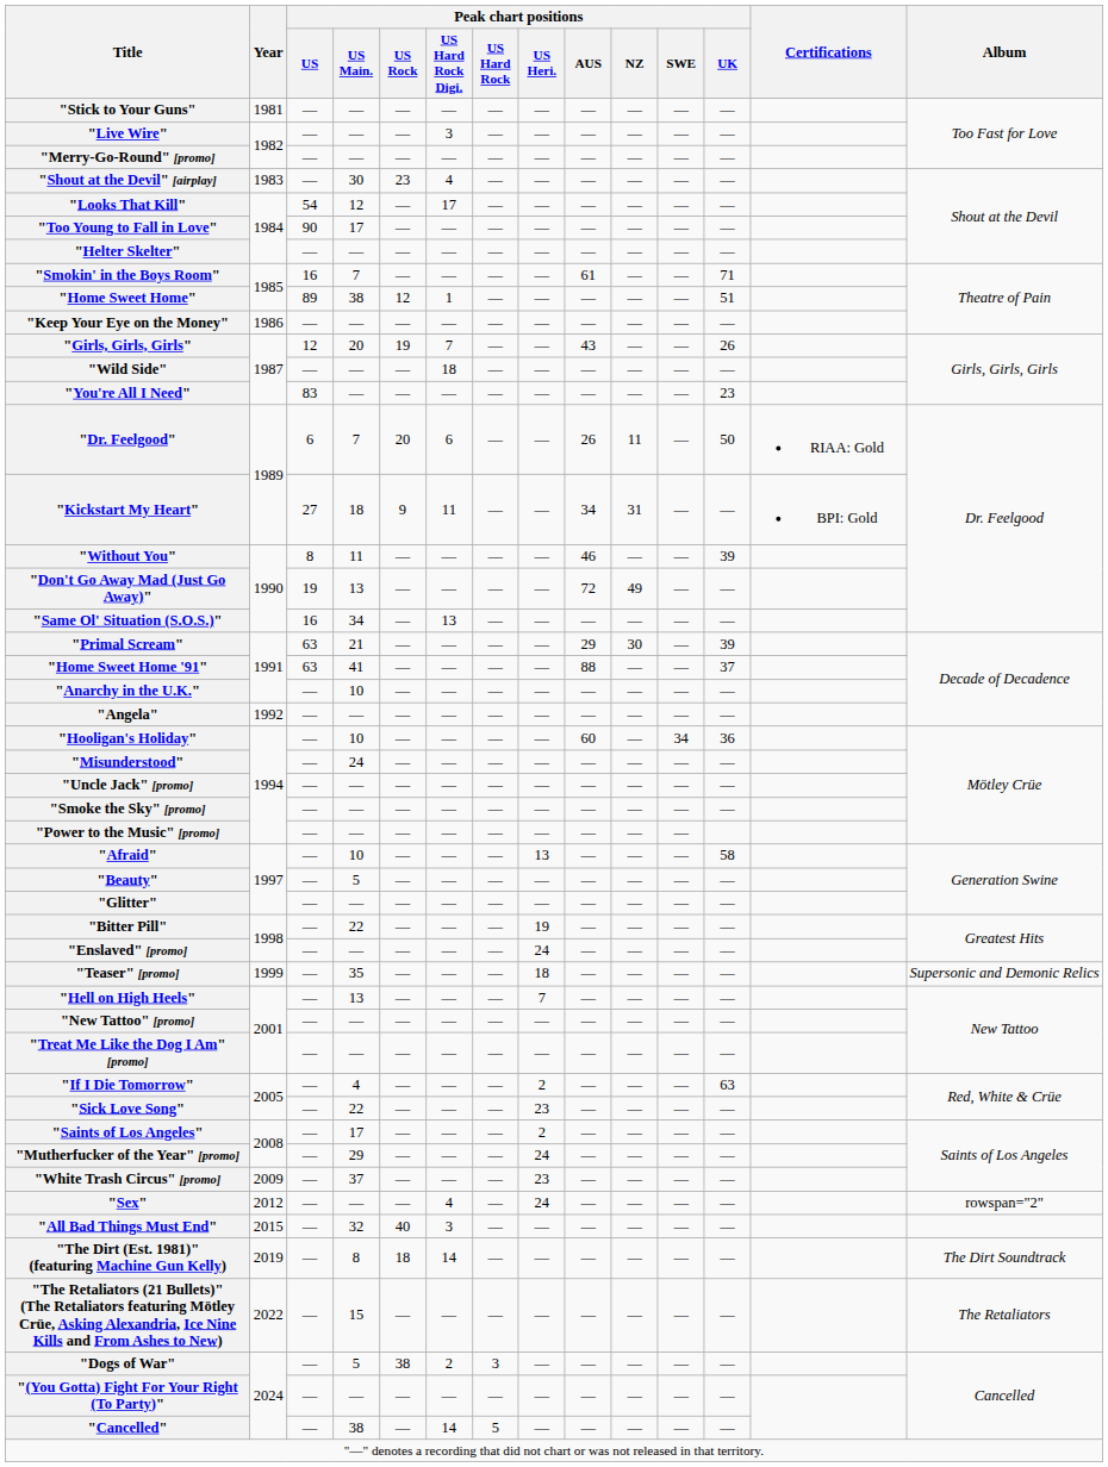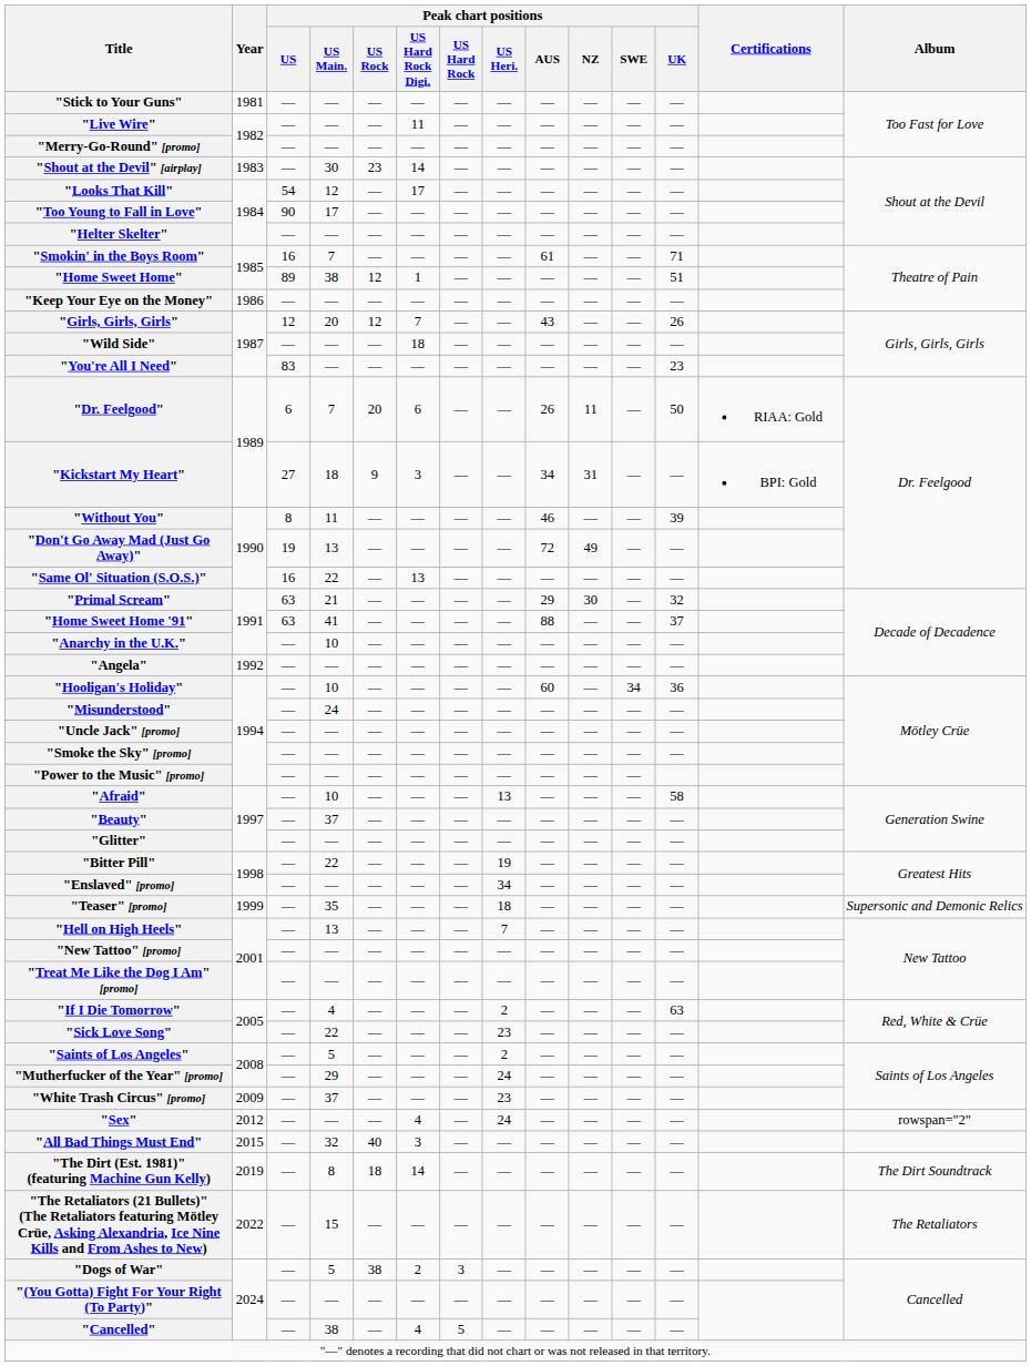 <table class="wikitable plainrowheaders" style="text-align:center;">
 <tr>
 <th scope="col" rowspan="2" style="width:16em;">Title</th>
 <th scope="col" rowspan="2">Year</th>
 <th scope="col" colspan="10">Peak chart positions</th>
 <th scope="col" rowspan="2" style="width:10em;"><a href='#'>Certifications</a></th>
 <th scope="col" rowspan="2">Album</th>
 </tr>
 <tr>
 <th scope="col" style="width:3em;font-size:90%;"><a href='#'>US</a><br></th>
 <th scope="col" style="width:3em;font-size:90%;"><a href='#'>US Main.</a><br></th>
 <th scope="col" style="width:3em;font-size:90%;"><a href='#'>US Rock</a><br></th>
 <th scope="col" style="width:3em;font-size:90%;"><a href='#'>US Hard Rock Digi.</a></th>
 <th scope="col" style="width:3em;font-size:90%;"><a href='#'>US Hard Rock</a></th>
 <th scope="col" style="width:3em;font-size:90%;"><a href='#'>US Heri.</a></th>
 <th scope="col" style="width:3em;font-size:90%;">AUS<br></th>
 <th scope="col" style="width:3em;font-size:90%;">NZ<br></th>
 <th scope="col" style="width:3em;font-size:90%;">SWE<br></th>
 <th scope="col" style="width:3em;font-size:90%;"><a href='#'>UK</a><br></th>
 </tr>
 <tr>
 <th scope="row">"Stick to Your Guns"</th>
 <td>1981</td>
 <td>—</td>
 <td>—</td>
 <td>—</td>
 <td>—</td>
 <td>—</td>
 <td>—</td>
 <td>—</td>
 <td>—</td>
 <td>—</td>
 <td>—</td>
 <td></td>
 <td rowspan="3"><em>Too Fast for Love</em></td>
 </tr>
 <tr>
 <th scope="row">"<a href='#'>Live Wire</a>"</th>
 <td rowspan="2">1982</td>
 <td>—</td>
 <td>—</td>
 <td>—</td>
-<td>3</td>
+<td>11</td>
 <td>—</td>
 <td>—</td>
 <td>—</td>
 <td>—</td>
 <td>—</td>
 <td>—</td>
 <td></td>
 </tr>
 <tr>
 <th scope="row">"Merry-Go-Round" <small><em>[promo]</em></small></th>
 <td>—</td>
 <td>—</td>
 <td>—</td>
 <td>—</td>
 <td>—</td>
 <td>—</td>
 <td>—</td>
 <td>—</td>
 <td>—</td>
 <td>—</td>
 <td></td>
 </tr>
 <tr>
 <th scope="row">"<a href='#'>Shout at the Devil</a>"  <small><em>[airplay]</em></small></th>
 <td>1983</td>
 <td>—</td>
 <td>30</td>
 <td>23</td>
-<td>4</td>
+<td>14</td>
 <td>—</td>
 <td>—</td>
 <td>—</td>
 <td>—</td>
 <td>—</td>
 <td>—</td>
 <td></td>
 <td rowspan="4"><em>Shout at the Devil</em></td>
 </tr>
 <tr>
 <th scope="row">"<a href='#'>Looks That Kill</a>"</th>
 <td rowspan="3">1984</td>
 <td>54</td>
 <td>12</td>
 <td>—</td>
 <td>17</td>
 <td>—</td>
 <td>—</td>
 <td>—</td>
 <td>—</td>
 <td>—</td>
 <td>—</td>
 <td></td>
 </tr>
 <tr>
 <th scope="row">"<a href='#'>Too Young to Fall in Love</a>"</th>
 <td>90</td>
 <td>17</td>
 <td>—</td>
 <td>—</td>
 <td>—</td>
 <td>—</td>
 <td>—</td>
 <td>—</td>
 <td>—</td>
 <td>—</td>
 <td></td>
 </tr>
 <tr>
 <th scope="row">"<a href='#'>Helter Skelter</a>"</th>
 <td>—</td>
 <td>—</td>
 <td>—</td>
 <td>—</td>
 <td>—</td>
 <td>—</td>
 <td>—</td>
 <td>—</td>
 <td>—</td>
 <td>—</td>
 <td></td>
 </tr>
 <tr>
 <th scope="row">"<a href='#'>Smokin' in the Boys Room</a>"</th>
 <td rowspan="2">1985</td>
 <td>16</td>
 <td>7</td>
 <td>—</td>
 <td>—</td>
 <td>—</td>
 <td>—</td>
 <td>61</td>
 <td>—</td>
 <td>—</td>
 <td>71</td>
 <td></td>
 <td rowspan="3"><em>Theatre of Pain</em></td>
 </tr>
 <tr>
 <th scope="row">"<a href='#'>Home Sweet Home</a>"</th>
 <td>89</td>
 <td>38</td>
 <td>12</td>
 <td>1</td>
 <td>—</td>
 <td>—</td>
 <td>—</td>
 <td>—</td>
 <td>—</td>
 <td>51</td>
 <td></td>
 </tr>
 <tr>
 <th scope="row">"Keep Your Eye on the Money"</th>
 <td>1986</td>
 <td>—</td>
 <td>—</td>
 <td>—</td>
 <td>—</td>
 <td>—</td>
 <td>—</td>
 <td>—</td>
 <td>—</td>
 <td>—</td>
 <td>—</td>
 <td></td>
 </tr>
 <tr>
 <th scope="row">"<a href='#'>Girls, Girls, Girls</a>"</th>
 <td rowspan="3">1987</td>
 <td>12</td>
 <td>20</td>
-<td>19</td>
+<td>12</td>
 <td>7</td>
 <td>—</td>
 <td>—</td>
 <td>43</td>
 <td>—</td>
 <td>—</td>
 <td>26</td>
 <td></td>
 <td rowspan="3"><em>Girls, Girls, Girls</em></td>
 </tr>
 <tr>
 <th scope="row">"Wild Side"</th>
 <td>—</td>
 <td>—</td>
 <td>—</td>
 <td>18</td>
 <td>—</td>
 <td>—</td>
 <td>—</td>
 <td>—</td>
 <td>—</td>
 <td>—</td>
 <td></td>
 </tr>
 <tr>
 <th scope="row">"<a href='#'>You're All I Need</a>"</th>
 <td>83</td>
 <td>—</td>
 <td>—</td>
 <td>—</td>
 <td>—</td>
 <td>—</td>
 <td>—</td>
 <td>—</td>
 <td>—</td>
 <td>23</td>
 <td></td>
 </tr>
 <tr>
 <th scope="row">"<a href='#'>Dr. Feelgood</a>"</th>
 <td rowspan="2">1989</td>
 <td>6</td>
 <td>7</td>
 <td>20</td>
 <td>6</td>
 <td>—</td>
 <td>—</td>
 <td>26</td>
 <td>11</td>
 <td>—</td>
 <td>50</td>
 <td><br><ul><li>RIAA: Gold</li></ul></td>
 <td rowspan="5"><em>Dr. Feelgood</em></td>
 </tr>
 <tr>
 <th scope="row">"<a href='#'>Kickstart My Heart</a>"</th>
 <td>27</td>
 <td>18</td>
 <td>9</td>
-<td>11</td>
+<td>3</td>
 <td>—</td>
 <td>—</td>
 <td>34</td>
 <td>31</td>
 <td>—</td>
 <td>—</td>
 <td><br><ul><li>BPI: Gold</li></ul></td>
 </tr>
 <tr>
 <th scope="row">"<a href='#'>Without You</a>"</th>
 <td rowspan="3">1990</td>
 <td>8</td>
 <td>11</td>
 <td>—</td>
 <td>—</td>
 <td>—</td>
 <td>—</td>
 <td>46</td>
 <td>—</td>
 <td>—</td>
 <td>39</td>
 <td></td>
 </tr>
 <tr>
 <th scope="row">"<a href='#'>Don't Go Away Mad (Just Go Away)</a>"</th>
 <td>19</td>
 <td>13</td>
 <td>—</td>
 <td>—</td>
 <td>—</td>
 <td>—</td>
 <td>72</td>
 <td>49</td>
 <td>—</td>
 <td>—</td>
 <td></td>
 </tr>
 <tr>
 <th scope="row">"<a href='#'>Same Ol' Situation (S.O.S.)</a>"</th>
 <td>16</td>
-<td>34</td>
+<td>22</td>
 <td>—</td>
 <td>13</td>
 <td>—</td>
 <td>—</td>
 <td>—</td>
 <td>—</td>
 <td>—</td>
 <td>—</td>
 <td></td>
 </tr>
 <tr>
 <th scope="row">"<a href='#'>Primal Scream</a>"</th>
 <td rowspan="3">1991</td>
 <td>63</td>
 <td>21</td>
 <td>—</td>
 <td>—</td>
 <td>—</td>
 <td>—</td>
 <td>29</td>
 <td>30</td>
 <td>—</td>
-<td>39</td>
+<td>32</td>
 <td></td>
 <td rowspan="4"><em>Decade of Decadence</em></td>
 </tr>
 <tr>
 <th scope="row">"<a href='#'>Home Sweet Home '91</a>"</th>
 <td>63</td>
 <td>41</td>
 <td>—</td>
 <td>—</td>
 <td>—</td>
 <td>—</td>
 <td>88</td>
 <td>—</td>
 <td>—</td>
 <td>37</td>
 <td></td>
 </tr>
 <tr>
 <th scope="row">"<a href='#'>Anarchy in the U.K.</a>"</th>
 <td>—</td>
 <td>10</td>
 <td>—</td>
 <td>—</td>
 <td>—</td>
 <td>—</td>
 <td>—</td>
 <td>—</td>
 <td>—</td>
 <td>—</td>
 <td></td>
 </tr>
 <tr>
 <th scope="row">"Angela"</th>
 <td>1992</td>
 <td>—</td>
 <td>—</td>
 <td>—</td>
 <td>—</td>
 <td>—</td>
 <td>—</td>
 <td>—</td>
 <td>—</td>
 <td>—</td>
 <td>—</td>
 <td></td>
 </tr>
 <tr>
 <th scope="row">"<a href='#'>Hooligan's Holiday</a>"</th>
 <td rowspan="5">1994</td>
 <td>—</td>
 <td>10</td>
 <td>—</td>
 <td>—</td>
 <td>—</td>
 <td>—</td>
 <td>60</td>
 <td>—</td>
 <td>34</td>
 <td>36</td>
 <td></td>
 <td rowspan="5"><em>Mötley Crüe</em></td>
 </tr>
 <tr>
 <th scope="row">"<a href='#'>Misunderstood</a>"</th>
 <td>—</td>
 <td>24</td>
 <td>—</td>
 <td>—</td>
 <td>—</td>
 <td>—</td>
 <td>—</td>
 <td>—</td>
 <td>—</td>
 <td>—</td>
 <td></td>
 </tr>
 <tr>
 <th scope="row">"Uncle Jack" <small><em>[promo]</em></small></th>
 <td>—</td>
 <td>—</td>
 <td>—</td>
 <td>—</td>
 <td>—</td>
 <td>—</td>
 <td>—</td>
 <td>—</td>
 <td>—</td>
 <td>—</td>
 <td></td>
 </tr>
 <tr>
 <th scope="row">"Smoke the Sky" <small><em>[promo]</em></small></th>
 <td>—</td>
 <td>—</td>
 <td>—</td>
 <td>—</td>
 <td>—</td>
 <td>—</td>
 <td>—</td>
 <td>—</td>
 <td>—</td>
 <td>—</td>
 <td></td>
 </tr>
 <tr>
 <th scope="row">"Power to the Music" <small><em>[promo]</em></small></th>
 <td>—</td>
 <td>—</td>
 <td>—</td>
 <td>—</td>
 <td>—</td>
 <td>—</td>
 <td>—</td>
 <td>—</td>
 <td>—</td>
 <td></td>
 </tr>
 <tr>
 <th scope="row">"<a href='#'>Afraid</a>"</th>
 <td rowspan="3">1997</td>
 <td>—</td>
 <td>10</td>
 <td>—</td>
 <td>—</td>
 <td>—</td>
 <td>13</td>
 <td>—</td>
 <td>—</td>
 <td>—</td>
 <td>58</td>
 <td></td>
 <td rowspan="3"><em>Generation Swine</em></td>
 </tr>
 <tr>
 <th scope="row">"<a href='#'>Beauty</a>"</th>
 <td>—</td>
-<td>5</td>
+<td>37</td>
 <td>—</td>
 <td>—</td>
 <td>—</td>
 <td>—</td>
 <td>—</td>
 <td>—</td>
 <td>—</td>
 <td>—</td>
 <td></td>
 </tr>
 <tr>
 <th scope="row">"Glitter"</th>
 <td>—</td>
 <td>—</td>
 <td>—</td>
 <td>—</td>
 <td>—</td>
 <td>—</td>
 <td>—</td>
 <td>—</td>
 <td>—</td>
 <td>—</td>
 <td></td>
 </tr>
 <tr>
 <th scope="row">"Bitter Pill"</th>
 <td rowspan="2">1998</td>
 <td>—</td>
 <td>22</td>
 <td>—</td>
 <td>—</td>
 <td>—</td>
 <td>19</td>
 <td>—</td>
 <td>—</td>
 <td>—</td>
 <td>—</td>
 <td></td>
 <td rowspan="2"><em>Greatest Hits</em></td>
 </tr>
 <tr>
 <th scope="row">"Enslaved" <small><em>[promo]</em></small></th>
 <td>—</td>
 <td>—</td>
 <td>—</td>
 <td>—</td>
 <td>—</td>
-<td>24</td>
+<td>34</td>
 <td>—</td>
 <td>—</td>
 <td>—</td>
 <td>—</td>
 <td></td>
 </tr>
 <tr>
 <th scope="row">"Teaser" <small><em>[promo]</em></small></th>
 <td>1999</td>
 <td>—</td>
 <td>35</td>
 <td>—</td>
 <td>—</td>
 <td>—</td>
 <td>18</td>
 <td>—</td>
 <td>—</td>
 <td>—</td>
 <td>—</td>
 <td></td>
 <td><em>Supersonic and Demonic Relics</em></td>
 </tr>
 <tr>
 <th scope="row">"<a href='#'>Hell on High Heels</a>"</th>
 <td rowspan="3">2001</td>
 <td>—</td>
 <td>13</td>
 <td>—</td>
 <td>—</td>
 <td>—</td>
 <td>7</td>
 <td>—</td>
 <td>—</td>
 <td>—</td>
 <td>—</td>
 <td></td>
 <td rowspan="3"><em>New Tattoo</em></td>
 </tr>
 <tr>
 <th scope="row">"New Tattoo" <small><em>[promo]</em></small></th>
 <td>—</td>
 <td>—</td>
 <td>—</td>
 <td>—</td>
 <td>—</td>
 <td>—</td>
 <td>—</td>
 <td>—</td>
 <td>—</td>
 <td>—</td>
 <td></td>
 </tr>
 <tr>
 <th scope="row">"<a href='#'>Treat Me Like the Dog I Am</a>" <small><em>[promo]</em></small></th>
 <td>—</td>
 <td>—</td>
 <td>—</td>
 <td>—</td>
 <td>—</td>
 <td>—</td>
 <td>—</td>
 <td>—</td>
 <td>—</td>
 <td>—</td>
 <td></td>
 </tr>
 <tr>
 <th scope="row">"<a href='#'>If I Die Tomorrow</a>"</th>
 <td rowspan="2">2005</td>
 <td>—</td>
 <td>4</td>
 <td>—</td>
 <td>—</td>
 <td>—</td>
 <td>2</td>
 <td>—</td>
 <td>—</td>
 <td>—</td>
 <td>63</td>
 <td></td>
 <td rowspan="2"><em>Red, White & Crüe</em></td>
 </tr>
 <tr>
 <th scope="row">"<a href='#'>Sick Love Song</a>"</th>
 <td>—</td>
 <td>22</td>
 <td>—</td>
 <td>—</td>
 <td>—</td>
 <td>23</td>
 <td>—</td>
 <td>—</td>
 <td>—</td>
 <td>—</td>
 <td></td>
 </tr>
 <tr>
 <th scope="row">"<a href='#'>Saints of Los Angeles</a>"</th>
 <td rowspan="2">2008</td>
 <td>—</td>
-<td>17</td>
+<td>5</td>
 <td>—</td>
 <td>—</td>
 <td>—</td>
 <td>2</td>
 <td>—</td>
 <td>—</td>
 <td>—</td>
 <td>—</td>
 <td></td>
 <td rowspan="3"><em>Saints of Los Angeles</em></td>
 </tr>
 <tr>
 <th scope="row">"Mutherfucker of the Year" <small><em>[promo]</em></small></th>
 <td>—</td>
 <td>29</td>
 <td>—</td>
 <td>—</td>
 <td>—</td>
 <td>24</td>
 <td>—</td>
 <td>—</td>
 <td>—</td>
 <td>—</td>
 <td></td>
 </tr>
 <tr>
 <th scope="row">"White Trash Circus" <small><em>[promo]</em></small></th>
 <td>2009</td>
 <td>—</td>
 <td>37</td>
 <td>—</td>
 <td>—</td>
 <td>—</td>
 <td>23</td>
 <td>—</td>
 <td>—</td>
 <td>—</td>
 <td>—</td>
 <td></td>
 </tr>
 <tr>
 <th scope="row">"<a href='#'>Sex</a>"</th>
 <td>2012</td>
 <td>—</td>
 <td>—</td>
 <td>—</td>
 <td>4</td>
 <td>—</td>
 <td>24</td>
 <td>—</td>
 <td>—</td>
 <td>—</td>
 <td>—</td>
 <td></td>
 <td>rowspan="2" </td>
 </tr>
 <tr>
 <th scope="row">"<a href='#'>All Bad Things Must End</a>"</th>
 <td>2015</td>
 <td>—</td>
 <td>32</td>
 <td>40</td>
 <td>3</td>
 <td>—</td>
 <td>—</td>
 <td>—</td>
 <td>—</td>
 <td>—</td>
 <td>—</td>
 <td></td>
 </tr>
 <tr>
 <th scope="row">"The Dirt (Est. 1981)"<br><span>(featuring <a href='#'>Machine Gun Kelly</a>)</span></th>
 <td>2019</td>
 <td>—</td>
 <td>8</td>
 <td>18</td>
 <td>14</td>
 <td>—</td>
 <td>—</td>
 <td>—</td>
 <td>—</td>
 <td>—</td>
 <td>—</td>
 <td></td>
 <td><em>The Dirt Soundtrack</em></td>
 </tr>
 <tr>
 <th scope="row">"The Retaliators (21 Bullets)"<br><span>(The Retaliators featuring Mötley Crüe, <a href='#'>Asking Alexandria</a>, <a href='#'>Ice Nine Kills</a> and <a href='#'>From Ashes to New</a>)</span></th>
 <td>2022</td>
 <td>—</td>
 <td>15</td>
 <td>—</td>
 <td>—</td>
 <td>—</td>
 <td>—</td>
 <td>—</td>
 <td>—</td>
 <td>—</td>
 <td>—</td>
 <td></td>
 <td><em>The Retaliators</em></td>
 </tr>
 <tr>
 <th scope="row">"Dogs of War"</th>
 <td rowspan="3">2024</td>
 <td>—</td>
 <td>5</td>
 <td>38</td>
 <td>2</td>
 <td>3</td>
 <td>—</td>
 <td>—</td>
 <td>—</td>
 <td>—</td>
 <td>—</td>
 <td></td>
 <td rowspan="3"><em>Cancelled</em></td>
 </tr>
 <tr>
 <th scope="row">"<a href='#'>(You Gotta) Fight For Your Right (To Party)</a>"</th>
 <td>—</td>
 <td>—</td>
 <td>—</td>
 <td>—</td>
 <td>—</td>
 <td>—</td>
 <td>—</td>
 <td>—</td>
 <td>—</td>
 <td>—</td>
 </tr>
 <tr>
 <th scope="row">"<a href='#'>Cancelled</a>"</th>
 <td>—</td>
 <td>38</td>
 <td>—</td>
-<td>14</td>
+<td>4</td>
 <td>5</td>
 <td>—</td>
 <td>—</td>
 <td>—</td>
 <td>—</td>
 <td>—</td>
 </tr>
 <tr>
 <td colspan="14" style="font-size:90%">"—" denotes a recording that did not chart or was not released in that territory.</td>
 </tr>
 </table>
